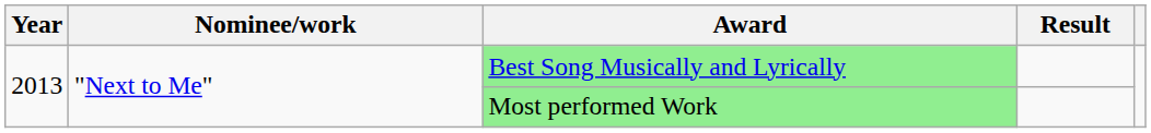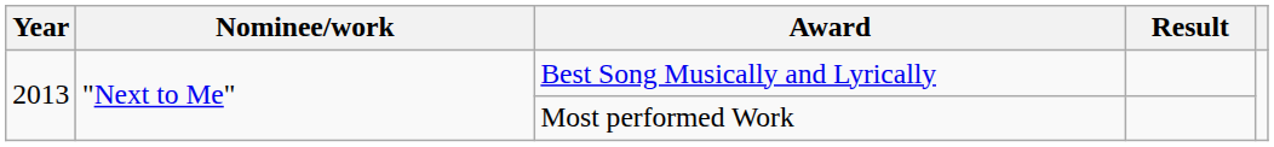 <table class="wikitable">
 <tr>
 <th>Year</th>
 <th width="250">Nominee/work</th>
 <th width="325">Award</th>
 <th width="65">Result</th>
 <th></th>
 </tr>
 <tr>
 <td rowspan="2">2013</td>
 <td rowspan="2">"<a href='#'>Next to Me</a>"</td>
-<td style="background: lightgreen;"><a href='#'>Best Song Musically and Lyrically</a></td>
+<td><a href='#'>Best Song Musically and Lyrically</a></td>
 <td></td>
 <td rowspan="2" style="text-align:center;"></td>
 </tr>
 <tr>
-<td style="background: lightgreen;">Most performed Work</td>
+<td>Most performed Work</td>
 <td></td>
 </tr>
 </table>
